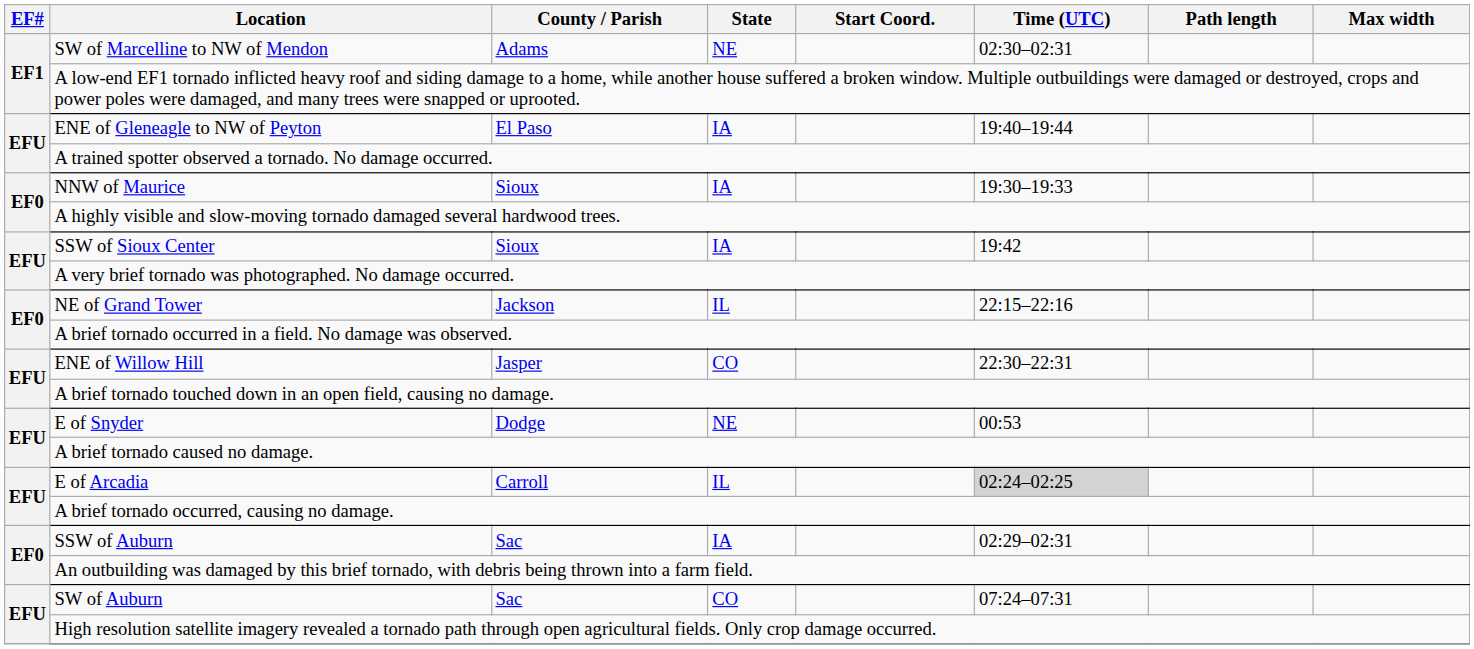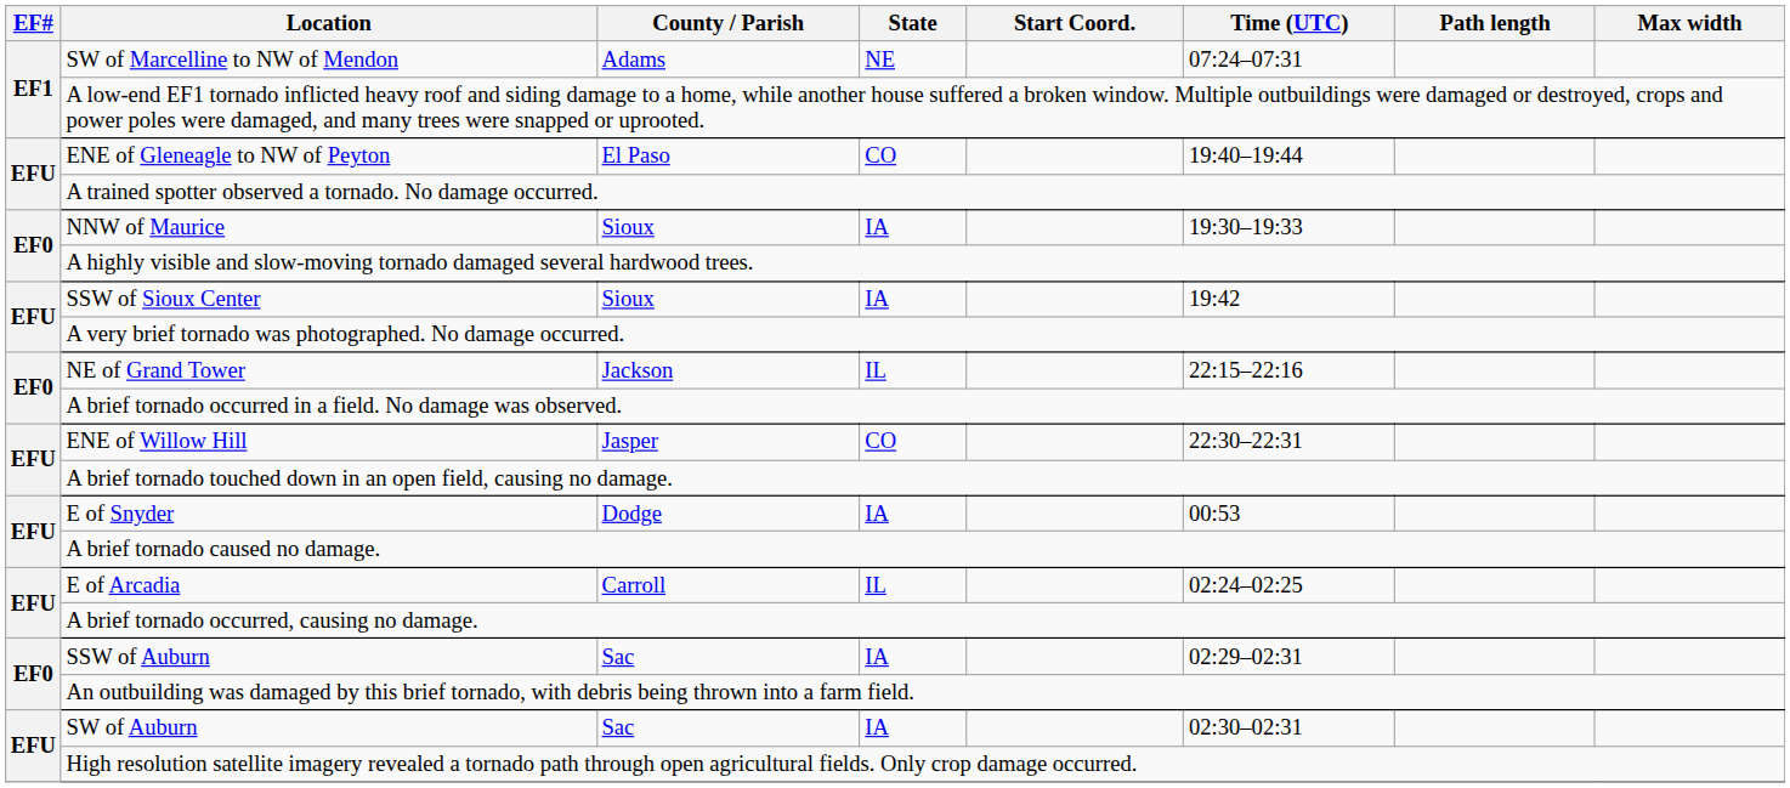 <table class="wikitable sortable" style="width:100%;">
 <tr>
 <th scope="col" width="2%" align="center"><a href='#'>EF#</a></th>
 <th scope="col" align="center" class="unsortable">Location</th>
 <th scope="col" align="center" class="unsortable">County / Parish</th>
 <th scope="col" align="center">State</th>
 <th scope="col" align="center">Start Coord.</th>
 <th scope="col" align="center">Time (<a href='#'>UTC</a>)</th>
 <th scope="col" align="center">Path length</th>
 <th scope="col" align="center">Max width</th>
 </tr>
 <tr>
 <th scope="row" rowspan="2" style="background-color:#">EF1</th>
 <td>SW of <a href='#'>Marcelline</a> to NW of <a href='#'>Mendon</a></td>
 <td><a href='#'>Adams</a></td>
 <td><a href='#'>NE</a></td>
 <td></td>
-<td>02:30–02:31</td>
+<td>07:24–07:31</td>
 <td></td>
 <td></td>
 </tr>
 <tr class="expand-child">
 <td colspan="8" style=" border-bottom: 1px solid black;">A low-end EF1 tornado inflicted heavy roof and siding damage to a home, while another house suffered a broken window. Multiple outbuildings were damaged or destroyed, crops and power poles were damaged, and many trees were snapped or uprooted.</td>
 </tr>
 <tr>
 <th scope="row" rowspan="2" style="background-color:#">EFU</th>
 <td>ENE of <a href='#'>Gleneagle</a> to NW of <a href='#'>Peyton</a></td>
 <td><a href='#'>El Paso</a></td>
-<td><a href='#'>IA</a></td>
+<td><a href='#'>CO</a></td>
 <td></td>
 <td>19:40–19:44</td>
 <td></td>
 <td></td>
 </tr>
 <tr class="expand-child">
 <td colspan="8" style=" border-bottom: 1px solid black;">A trained spotter observed a tornado. No damage occurred.</td>
 </tr>
 <tr>
 <th scope="row" rowspan="2" style="background-color:#">EF0</th>
 <td>NNW of <a href='#'>Maurice</a></td>
 <td><a href='#'>Sioux</a></td>
 <td><a href='#'>IA</a></td>
 <td></td>
 <td>19:30–19:33</td>
 <td></td>
 <td></td>
 </tr>
 <tr class="expand-child">
 <td colspan="8" style=" border-bottom: 1px solid black;">A highly visible and slow-moving tornado damaged several hardwood trees.</td>
 </tr>
 <tr>
 <th scope="row" rowspan="2" style="background-color:#">EFU</th>
 <td>SSW of <a href='#'>Sioux Center</a></td>
 <td><a href='#'>Sioux</a></td>
 <td><a href='#'>IA</a></td>
 <td></td>
 <td>19:42</td>
 <td></td>
 <td></td>
 </tr>
 <tr class="expand-child">
 <td colspan="8" style=" border-bottom: 1px solid black;">A very brief tornado was photographed. No damage occurred.</td>
 </tr>
 <tr>
 <th scope="row" rowspan="2" style="background-color:#">EF0</th>
 <td>NE of <a href='#'>Grand Tower</a></td>
 <td><a href='#'>Jackson</a></td>
 <td><a href='#'>IL</a></td>
 <td></td>
 <td>22:15–22:16</td>
 <td></td>
 <td></td>
 </tr>
 <tr class="expand-child">
 <td colspan="8" style=" border-bottom: 1px solid black;">A brief tornado occurred in a field. No damage was observed.</td>
 </tr>
 <tr>
 <th scope="row" rowspan="2" style="background-color:#">EFU</th>
 <td>ENE of <a href='#'>Willow Hill</a></td>
 <td><a href='#'>Jasper</a></td>
 <td><a href='#'>CO</a></td>
 <td></td>
 <td>22:30–22:31</td>
 <td></td>
 <td></td>
 </tr>
 <tr class="expand-child">
 <td colspan="8" style=" border-bottom: 1px solid black;">A brief tornado touched down in an open field, causing no damage.</td>
 </tr>
 <tr>
 <th scope="row" rowspan="2" style="background-color:#">EFU</th>
 <td>E of <a href='#'>Snyder</a></td>
 <td><a href='#'>Dodge</a></td>
-<td><a href='#'>NE</a></td>
+<td><a href='#'>IA</a></td>
 <td></td>
 <td>00:53</td>
 <td></td>
 <td></td>
 </tr>
 <tr class="expand-child">
 <td colspan="8" style=" border-bottom: 1px solid black;">A brief tornado caused no damage.</td>
 </tr>
 <tr>
 <th scope="row" rowspan="2" style="background-color:#">EFU</th>
 <td>E of <a href='#'>Arcadia</a></td>
 <td><a href='#'>Carroll</a></td>
 <td><a href='#'>IL</a></td>
 <td></td>
-<td style="background: lightgrey;">02:24–02:25</td>
+<td>02:24–02:25</td>
 <td></td>
 <td></td>
 </tr>
 <tr class="expand-child">
 <td colspan="8" style=" border-bottom: 1px solid black;">A brief tornado occurred, causing no damage.</td>
 </tr>
 <tr>
 <th scope="row" rowspan="2" style="background-color:#">EF0</th>
 <td>SSW of <a href='#'>Auburn</a></td>
 <td><a href='#'>Sac</a></td>
 <td><a href='#'>IA</a></td>
 <td></td>
 <td>02:29–02:31</td>
 <td></td>
 <td></td>
 </tr>
 <tr class="expand-child">
 <td colspan="8" style=" border-bottom: 1px solid black;">An outbuilding was damaged by this brief tornado, with debris being thrown into a farm field.</td>
 </tr>
 <tr>
 <th scope="row" rowspan="2" style="background-color:#">EFU</th>
 <td>SW of <a href='#'>Auburn</a></td>
 <td><a href='#'>Sac</a></td>
-<td><a href='#'>CO</a></td>
+<td><a href='#'>IA</a></td>
 <td></td>
-<td>07:24–07:31</td>
+<td>02:30–02:31</td>
 <td></td>
 <td></td>
 </tr>
 <tr class="expand-child">
 <td colspan="8" style=" border-bottom: 1px solid black;">High resolution satellite imagery revealed a tornado path through open agricultural fields. Only crop damage occurred.</td>
 </tr>
 <tr>
 </tr>
 </table>
